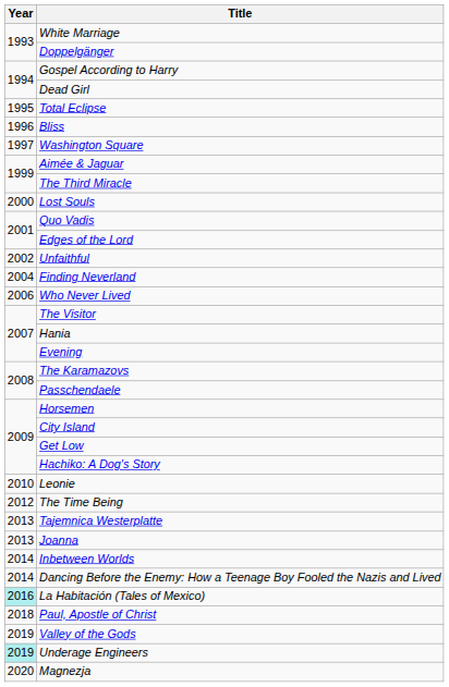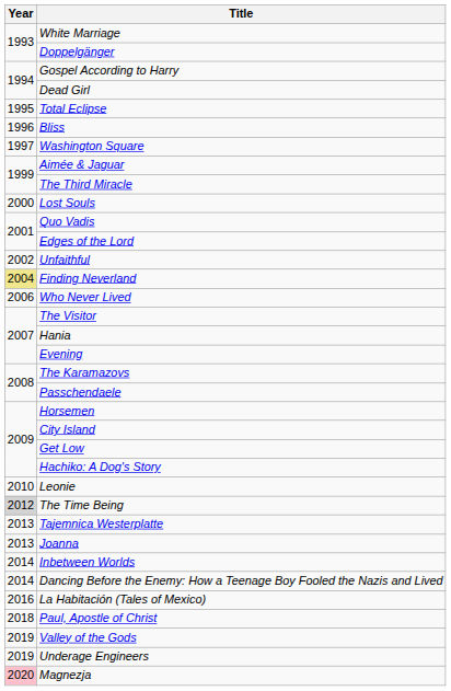 <table class="wikitable">
 <tr>
 <th>Year</th>
 <th>Title</th>
 </tr>
 <tr>
 <td rowspan="2">1993</td>
 <td><em>White Marriage</em></td>
 </tr>
 <tr>
 <td><em><a href='#'>Doppelgänger</a></em></td>
 </tr>
 <tr>
 <td rowspan="2">1994</td>
 <td><em>Gospel According to Harry</em></td>
 </tr>
 <tr>
 <td><em>Dead Girl</em></td>
 </tr>
 <tr>
 <td>1995</td>
 <td><em><a href='#'>Total Eclipse</a></em></td>
 </tr>
 <tr>
 <td>1996</td>
 <td><em><a href='#'>Bliss</a></em></td>
 </tr>
 <tr>
 <td>1997</td>
 <td><em><a href='#'>Washington Square</a></em></td>
 </tr>
 <tr>
 <td rowspan="2">1999</td>
 <td><em><a href='#'>Aimée & Jaguar</a></em></td>
 </tr>
 <tr>
 <td><em><a href='#'>The Third Miracle</a></em></td>
 </tr>
 <tr>
 <td>2000</td>
 <td><em><a href='#'>Lost Souls</a></em></td>
 </tr>
 <tr>
 <td rowspan="2">2001</td>
 <td><em><a href='#'>Quo Vadis</a></em></td>
 </tr>
 <tr>
 <td><em><a href='#'>Edges of the Lord</a></em></td>
 </tr>
 <tr>
 <td>2002</td>
 <td><em><a href='#'>Unfaithful</a></em></td>
 </tr>
 <tr>
-<td>2004</td>
+<td style="background: khaki;">2004</td>
 <td><em><a href='#'>Finding Neverland</a></em></td>
 </tr>
 <tr>
 <td>2006</td>
 <td><em><a href='#'>Who Never Lived</a></em></td>
 </tr>
 <tr>
 <td rowspan="3">2007</td>
 <td><em><a href='#'>The Visitor</a></em></td>
 </tr>
 <tr>
 <td><em>Hania</em></td>
 </tr>
 <tr>
 <td><em><a href='#'>Evening</a></em></td>
 </tr>
 <tr>
 <td rowspan="2">2008</td>
 <td><em><a href='#'>The Karamazovs</a></em></td>
 </tr>
 <tr>
 <td><em><a href='#'>Passchendaele</a></em></td>
 </tr>
 <tr>
 <td rowspan="4">2009</td>
 <td><a href='#'><em>Horsemen</em></a></td>
 </tr>
 <tr>
 <td><em><a href='#'>City Island</a></em></td>
 </tr>
 <tr>
 <td><em><a href='#'>Get Low</a></em></td>
 </tr>
 <tr>
 <td><em><a href='#'>Hachiko: A Dog's Story</a></em></td>
 </tr>
 <tr>
 <td>2010</td>
 <td><em>Leonie</em></td>
 </tr>
 <tr>
-<td>2012</td>
+<td style="background: lightgrey;">2012</td>
 <td><em>The Time Being</em></td>
 </tr>
 <tr>
 <td>2013</td>
 <td><em><a href='#'>Tajemnica Westerplatte</a></em></td>
 </tr>
 <tr>
 <td>2013</td>
 <td><em><a href='#'>Joanna</a></em></td>
 </tr>
 <tr>
 <td>2014</td>
 <td><em><a href='#'>Inbetween Worlds</a></em></td>
 </tr>
 <tr>
 <td>2014</td>
 <td><em>Dancing Before the Enemy: How a Teenage Boy Fooled the Nazis and Lived</em></td>
 </tr>
 <tr>
-<td style="background: paleturquoise;">2016</td>
+<td>2016</td>
 <td><em>La Habitación (Tales of Mexico)</em></td>
 </tr>
 <tr>
 <td>2018</td>
 <td><em><a href='#'>Paul, Apostle of Christ</a></em></td>
 </tr>
 <tr>
 <td>2019</td>
 <td><em><a href='#'>Valley of the Gods</a></em></td>
 </tr>
 <tr>
-<td style="background: paleturquoise;">2019</td>
+<td>2019</td>
 <td><em>Underage Engineers</em></td>
 </tr>
 <tr>
-<td>2020</td>
+<td style="background: pink;">2020</td>
 <td><em>Magnezja</em></td>
 </tr>
 </table>
